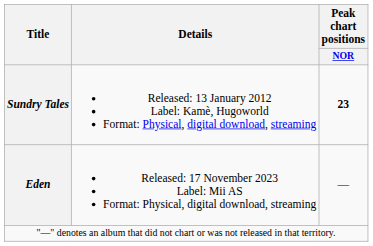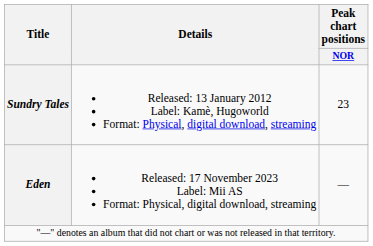 <table class="wikitable plainrowheaders" style="text-align:center;">
 <tr>
 <th scope="col" rowspan="2">Title</th>
 <th scope="col" rowspan="2">Details</th>
 <th scope="col" colspan="1">Peak chart positions</th>
 </tr>
 <tr>
 <th scope="col" style="width:3em;font-size:85%;"><a href='#'>NOR</a><br></th>
 </tr>
 <tr>
 <th scope="row"><em>Sundry Tales</em></th>
 <td><br><ul><li>Released: 13 January 2012</li><li>Label: Kamè, Hugoworld</li><li>Format: <a href='#'>Physical</a>, <a href='#'>digital download</a>, <a href='#'>streaming</a></li></ul></td>
-<td><strong>23</strong></td>
+<td>23</td>
 </tr>
 <tr>
 <th scope="row"><em>Eden</em></th>
 <td><br><ul><li>Released: 17 November 2023</li><li>Label: Mii AS</li><li>Format: Physical, digital download, streaming</li></ul></td>
 <td>—</td>
 </tr>
 <tr>
 <td colspan="4" style="font-size:85%">"—" denotes an album that did not chart or was not released in that territory.</td>
 </tr>
 </table>
